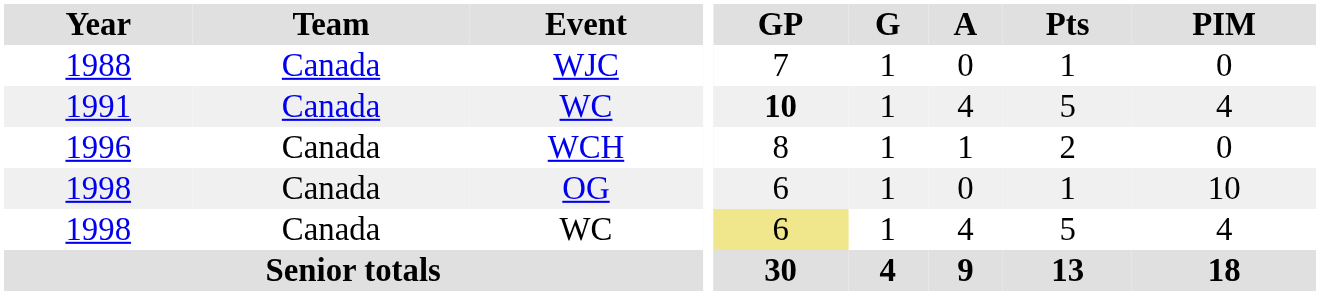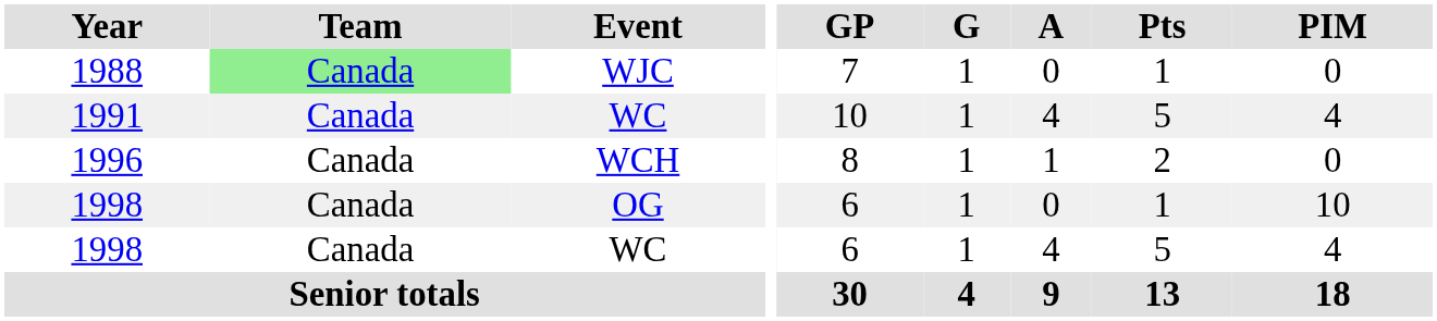 <table border="0" cellpadding="1" cellspacing="0" ID="Table3" style="text-align:center; width:40em">
 <tr bgcolor="#e0e0e0">
 <th>Year</th>
 <th>Team</th>
 <th>Event</th>
 <th rowspan="102" bgcolor="#ffffff"></th>
 <th>GP</th>
 <th>G</th>
 <th>A</th>
 <th>Pts</th>
 <th>PIM</th>
 </tr>
 <tr>
 <td><a href='#'>1988</a></td>
-<td><a href='#'>Canada</a></td>
+<td style="background: lightgreen;"><a href='#'>Canada</a></td>
 <td><a href='#'>WJC</a></td>
 <td>7</td>
 <td>1</td>
 <td>0</td>
 <td>1</td>
 <td>0</td>
 </tr>
 <tr bgcolor="#f0f0f0">
 <td><a href='#'>1991</a></td>
 <td><a href='#'>Canada</a></td>
 <td><a href='#'>WC</a></td>
-<td><strong>10</strong></td>
+<td>10</td>
 <td>1</td>
 <td>4</td>
 <td>5</td>
 <td>4</td>
 </tr>
 <tr>
 <td><a href='#'>1996</a></td>
 <td>Canada</td>
 <td><a href='#'>WCH</a></td>
 <td>8</td>
 <td>1</td>
 <td>1</td>
 <td>2</td>
 <td>0</td>
 </tr>
 <tr bgcolor="#f0f0f0">
 <td><a href='#'>1998</a></td>
 <td>Canada</td>
 <td><a href='#'>OG</a></td>
 <td>6</td>
 <td>1</td>
 <td>0</td>
 <td>1</td>
 <td>10</td>
 </tr>
 <tr>
 <td><a href='#'>1998</a></td>
 <td>Canada</td>
 <td>WC</td>
-<td style="background: khaki;">6</td>
+<td>6</td>
 <td>1</td>
 <td>4</td>
 <td>5</td>
 <td>4</td>
 </tr>
 <tr bgcolor="#e0e0e0">
 <th colspan=3>Senior totals</th>
 <th>30</th>
 <th>4</th>
 <th>9</th>
 <th>13</th>
 <th>18</th>
 </tr>
 </table>
